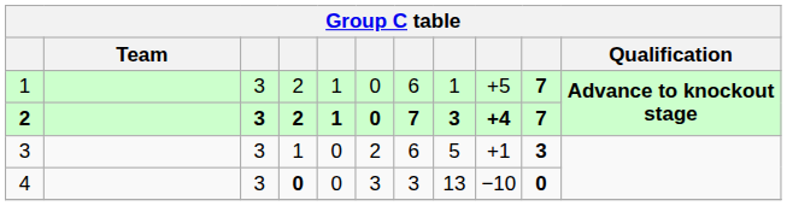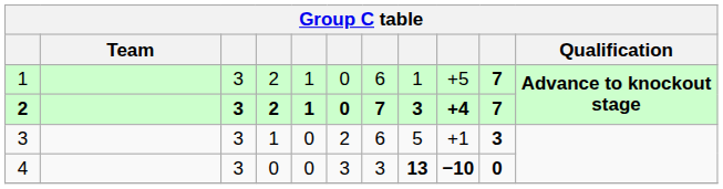 <table class="wikitable" style="text-align: center;">
 <tr>
 <th colspan="11"><a href='#'>Group C</a> table</th>
 </tr>
 <tr>
 <th width=30></th>
 <th width=200>Team</th>
 <th width=30></th>
 <th width=30></th>
 <th width=30></th>
 <th width=30></th>
 <th width=30></th>
 <th width=30></th>
 <th width=30></th>
 <th width=30></th>
 <th width=200>Qualification</th>
 </tr>
 <tr style="background:#ccffcc;">
 <td>1</td>
 <td align=left></td>
 <td>3</td>
 <td>2</td>
 <td>1</td>
 <td>0</td>
 <td>6</td>
 <td>1</td>
 <td>+5</td>
 <td><strong>7</strong></td>
 <td rowspan="2"><strong>Advance to knockout stage</strong></td>
 </tr>
 <tr style="background:#ccffcc;">
 <td><strong>2</strong></td>
 <td align=left><strong></strong></td>
 <td><strong>3</strong></td>
 <td><strong>2</strong></td>
 <td><strong>1</strong></td>
 <td><strong>0</strong></td>
 <td><strong>7</strong></td>
 <td><strong>3</strong></td>
 <td><strong>+4</strong></td>
 <td><strong>7</strong></td>
 </tr>
 <tr>
 <td>3</td>
 <td align=left></td>
 <td>3</td>
 <td>1</td>
 <td>0</td>
 <td>2</td>
 <td>6</td>
 <td>5</td>
 <td>+1</td>
 <td><strong>3</strong></td>
 <td rowspan="2"></td>
 </tr>
 <tr>
 <td>4</td>
 <td align=left></td>
 <td>3</td>
-<td><strong>0</strong></td>
+<td>0</td>
 <td>0</td>
 <td>3</td>
 <td>3</td>
-<td>13</td>
-<td>−10</td>
+<td><strong>13</strong></td>
+<td><strong>−10</strong></td>
 <td><strong>0</strong></td>
 </tr>
 <tr>
 </tr>
 </table>
